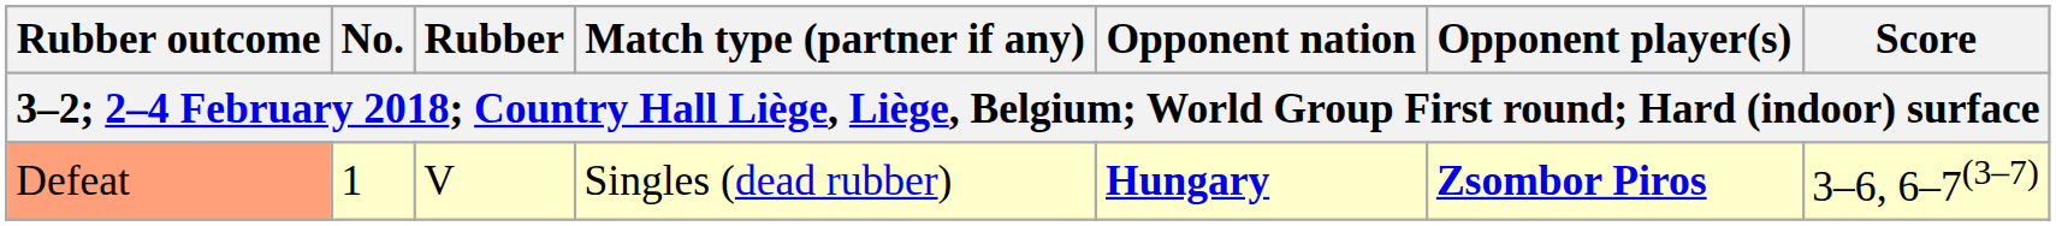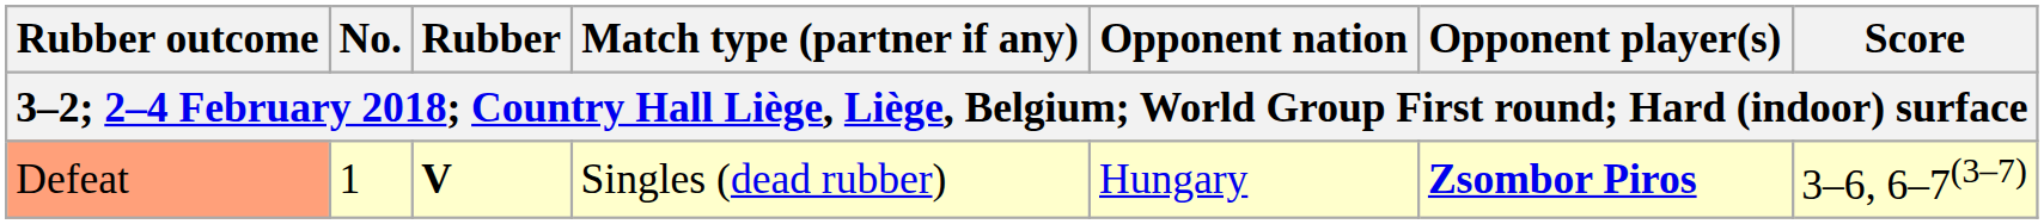 <table class=wikitable>
 <tr>
 <th>Rubber outcome</th>
 <th>No.</th>
 <th>Rubber</th>
 <th>Match type (partner if any)</th>
 <th>Opponent nation</th>
 <th>Opponent player(s)</th>
 <th>Score</th>
 </tr>
 <tr>
 <th colspan=7>3–2; <a href='#'>2–4 February 2018</a>; <a href='#'>Country Hall Liège</a>, <a href='#'>Liège</a>, Belgium; World Group First round; Hard (indoor) surface</th>
 </tr>
 <tr bgcolor=#FFFFCC>
 <td bgcolor=FFA07A>Defeat</td>
 <td>1</td>
-<td>V</td>
+<td><strong>V</strong></td>
 <td>Singles (<a href='#'>dead rubber</a>)</td>
-<td><strong> <a href='#'>Hungary</a></strong></td>
+<td> <a href='#'>Hungary</a></td>
 <td><strong><a href='#'>Zsombor Piros</a></strong></td>
 <td>3–6, 6–7<sup>(3–7)</sup></td>
 </tr>
 </table>
